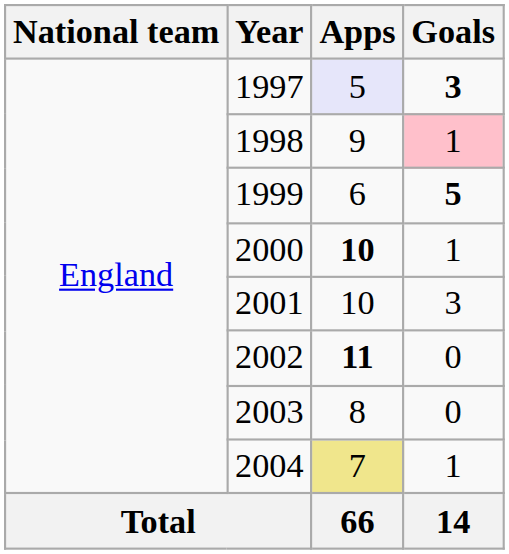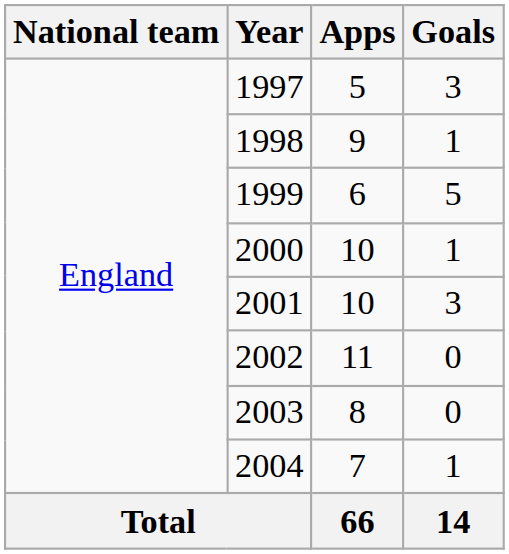 <table class="wikitable" style="text-align: center;">
 <tr>
 <th>National team</th>
 <th>Year</th>
 <th>Apps</th>
 <th>Goals</th>
 </tr>
 <tr>
 <td rowspan="8"><a href='#'>England</a></td>
 <td>1997</td>
-<td style="background: lavender;">5</td>
-<td><strong>3</strong></td>
+<td>5</td>
+<td>3</td>
 </tr>
 <tr>
 <td>1998</td>
 <td>9</td>
-<td style="background: pink;">1</td>
+<td>1</td>
 </tr>
 <tr>
 <td>1999</td>
 <td>6</td>
-<td><strong>5</strong></td>
+<td>5</td>
 </tr>
 <tr>
 <td>2000</td>
-<td><strong>10</strong></td>
+<td>10</td>
 <td>1</td>
 </tr>
 <tr>
 <td>2001</td>
 <td>10</td>
 <td>3</td>
 </tr>
 <tr>
 <td>2002</td>
-<td><strong>11</strong></td>
+<td>11</td>
 <td>0</td>
 </tr>
 <tr>
 <td>2003</td>
 <td>8</td>
 <td>0</td>
 </tr>
 <tr>
 <td>2004</td>
-<td style="background: khaki;">7</td>
+<td>7</td>
 <td>1</td>
 </tr>
 <tr>
 <th colspan="2">Total</th>
 <th>66</th>
 <th>14</th>
 </tr>
 </table>
